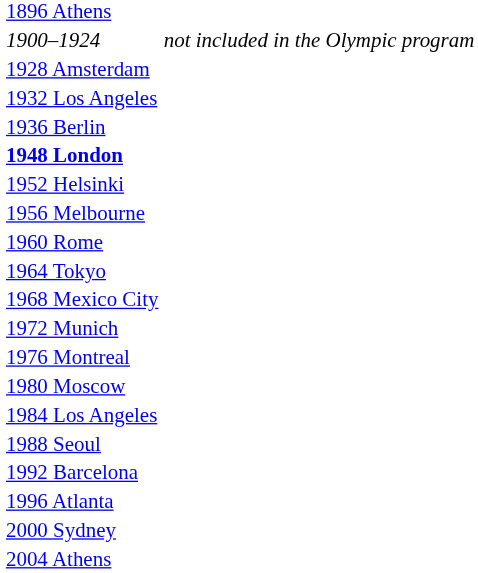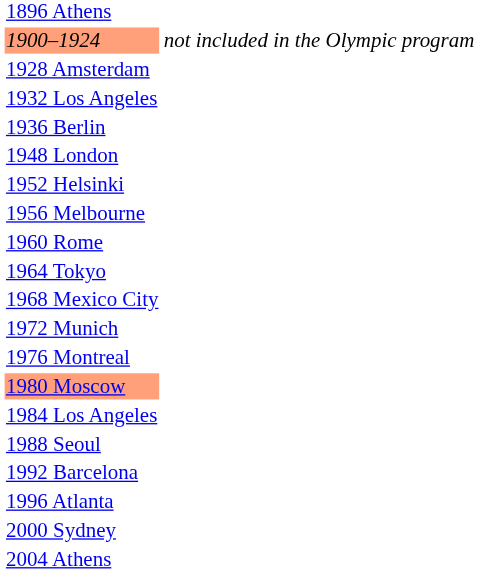 <table>
 <tr>
 <td><a href='#'>1896 Athens</a><br></td>
 <td></td>
 <td></td>
 <td></td>
 </tr>
 <tr>
-<td><em>1900–1924</em></td>
+<td style="background: lightsalmon;"><em>1900–1924</em></td>
 <td colspan=3 align=center><em>not included in the Olympic program</em></td>
 </tr>
 <tr>
 <td><a href='#'>1928 Amsterdam</a><br></td>
 <td></td>
 <td></td>
 <td></td>
 </tr>
 <tr>
 <td><a href='#'>1932 Los Angeles</a><br></td>
 <td></td>
 <td></td>
 <td></td>
 </tr>
 <tr>
 <td><a href='#'>1936 Berlin</a><br></td>
 <td></td>
 <td></td>
 <td></td>
 </tr>
 <tr>
-<td><strong><a href='#'>1948 London</a><br></strong></td>
+<td><a href='#'>1948 London</a><br></td>
 <td></td>
 <td></td>
 <td></td>
 </tr>
 <tr>
 <td><a href='#'>1952 Helsinki</a><br></td>
 <td></td>
 <td></td>
 <td></td>
 </tr>
 <tr>
 <td><a href='#'>1956 Melbourne</a><br></td>
 <td></td>
 <td></td>
 <td></td>
 </tr>
 <tr>
 <td><a href='#'>1960 Rome</a><br></td>
 <td></td>
 <td></td>
 <td></td>
 </tr>
 <tr>
 <td><a href='#'>1964 Tokyo</a><br></td>
 <td></td>
 <td></td>
 <td></td>
 </tr>
 <tr>
 <td><a href='#'>1968 Mexico City</a><br></td>
 <td></td>
 <td></td>
 <td></td>
 </tr>
 <tr>
 <td><a href='#'>1972 Munich</a><br></td>
 <td></td>
 <td></td>
 <td></td>
 </tr>
 <tr>
 <td><a href='#'>1976 Montreal</a><br></td>
 <td></td>
 <td></td>
 <td></td>
 </tr>
 <tr>
-<td><a href='#'>1980 Moscow</a><br></td>
+<td style="background: lightsalmon;"><a href='#'>1980 Moscow</a><br></td>
 <td></td>
 <td></td>
 <td></td>
 </tr>
 <tr>
 <td><a href='#'>1984 Los Angeles</a><br></td>
 <td></td>
 <td></td>
 <td></td>
 </tr>
 <tr>
 <td><a href='#'>1988 Seoul</a><br></td>
 <td></td>
 <td></td>
 <td></td>
 </tr>
 <tr>
 <td><a href='#'>1992 Barcelona</a><br></td>
 <td></td>
 <td></td>
 <td></td>
 </tr>
 <tr>
 <td><a href='#'>1996 Atlanta</a><br></td>
 <td></td>
 <td></td>
 <td></td>
 </tr>
 <tr>
 <td><a href='#'>2000 Sydney</a><br></td>
 <td></td>
 <td></td>
 <td></td>
 </tr>
 <tr>
 <td><a href='#'>2004 Athens</a><br></td>
 <td></td>
 <td></td>
 <td></td>
 </tr>
 </table>
